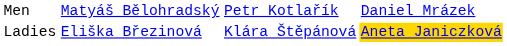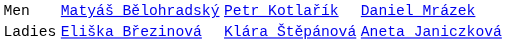 <table>
 <tr>
 <td>Men</td>
 <td><a href='#'>Matyáš Bělohradský</a></td>
 <td><a href='#'>Petr Kotlařík</a></td>
 <td><a href='#'>Daniel Mrázek</a></td>
 </tr>
 <tr>
 <td>Ladies</td>
 <td><a href='#'>Eliška Březinová</a></td>
 <td><a href='#'>Klára Štěpánová</a></td>
-<td style="background: gold;"><a href='#'>Aneta Janiczková</a></td>
+<td><a href='#'>Aneta Janiczková</a></td>
 </tr>
 </table>
